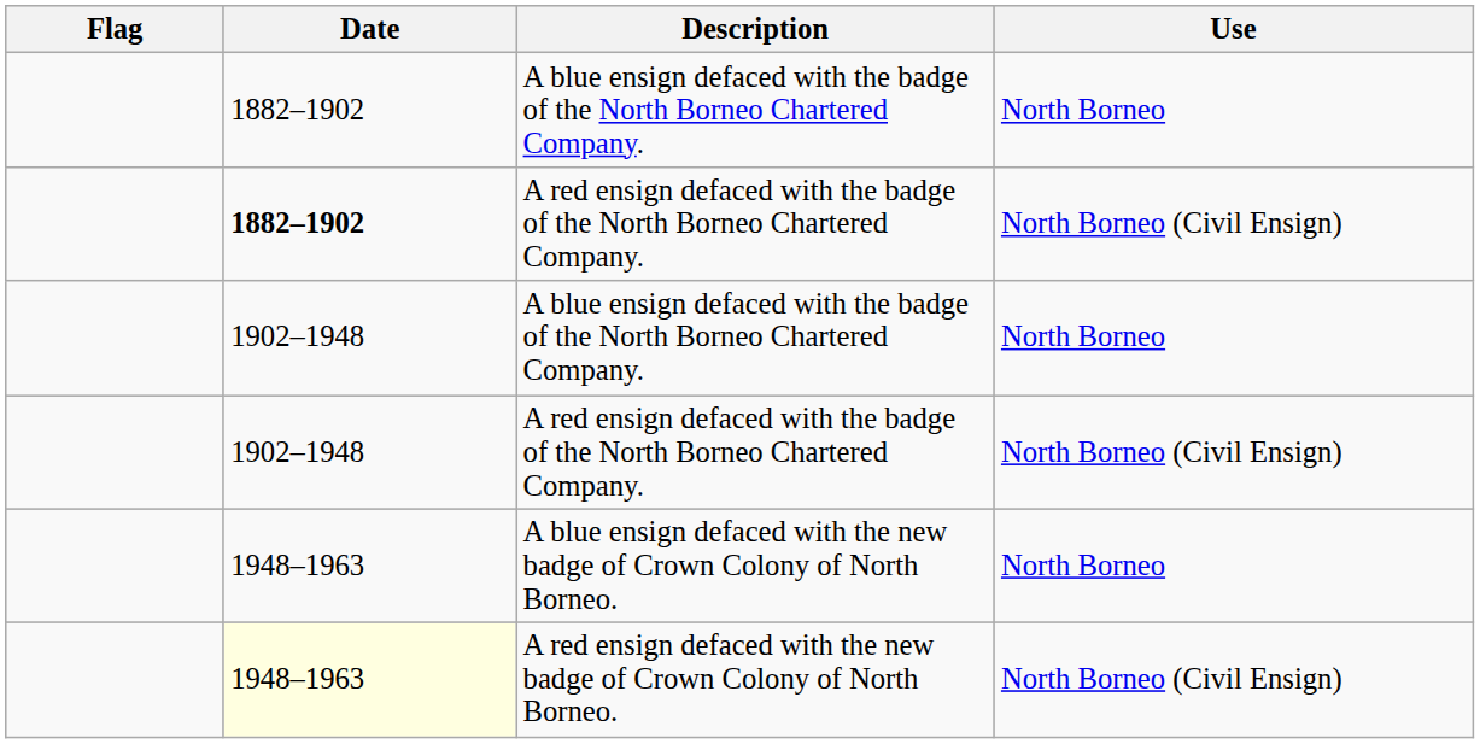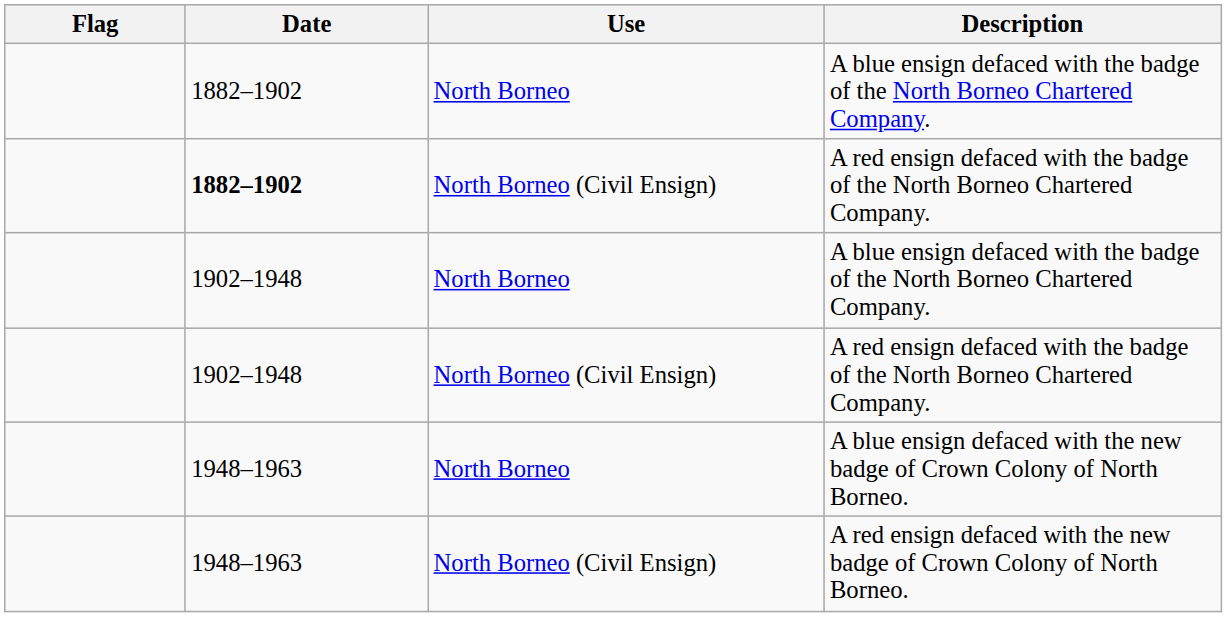 <table class="wikitable">
 <tr style="background:#efefef;">
 <th style="width:110px;">Flag</th>
 <th style="width:150px;">Date</th>
+<th style="width:250px;">Use</th>
 <th style="width:250px;">Description</th>
-<th style="width:250px;">Use</th>
 </tr>
 <tr>
 <td></td>
 <td>1882–1902</td>
+<td><a href='#'>North Borneo</a></td>
 <td>A blue ensign defaced with the badge of the <a href='#'>North Borneo Chartered Company</a>.</td>
-<td><a href='#'>North Borneo</a></td>
 </tr>
 <tr>
 <td></td>
 <td><strong>1882–1902</strong></td>
+<td><a href='#'>North Borneo</a> (Civil Ensign)</td>
 <td>A red ensign defaced with the badge of the North Borneo Chartered Company.</td>
-<td><a href='#'>North Borneo</a> (Civil Ensign)</td>
 </tr>
 <tr>
 <td></td>
 <td>1902–1948</td>
+<td><a href='#'>North Borneo</a></td>
 <td>A blue ensign defaced with the badge of the North Borneo Chartered Company.</td>
-<td><a href='#'>North Borneo</a></td>
 </tr>
 <tr>
 <td></td>
 <td>1902–1948</td>
+<td><a href='#'>North Borneo</a> (Civil Ensign)</td>
 <td>A red ensign defaced with the badge of the North Borneo Chartered Company.</td>
-<td><a href='#'>North Borneo</a> (Civil Ensign)</td>
 </tr>
 <tr>
 <td></td>
 <td>1948–1963</td>
+<td><a href='#'>North Borneo</a></td>
 <td>A blue ensign defaced with the new badge of Crown Colony of North Borneo.</td>
-<td><a href='#'>North Borneo</a></td>
 </tr>
 <tr>
 <td></td>
-<td style="background: lightyellow;">1948–1963</td>
+<td>1948–1963</td>
+<td><a href='#'>North Borneo</a> (Civil Ensign)</td>
 <td>A red ensign defaced with the new badge of Crown Colony of North Borneo.</td>
-<td><a href='#'>North Borneo</a> (Civil Ensign)</td>
 </tr>
 </table>
